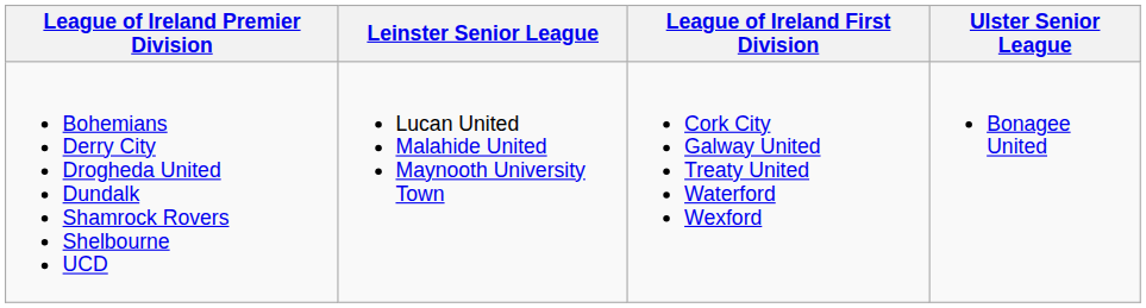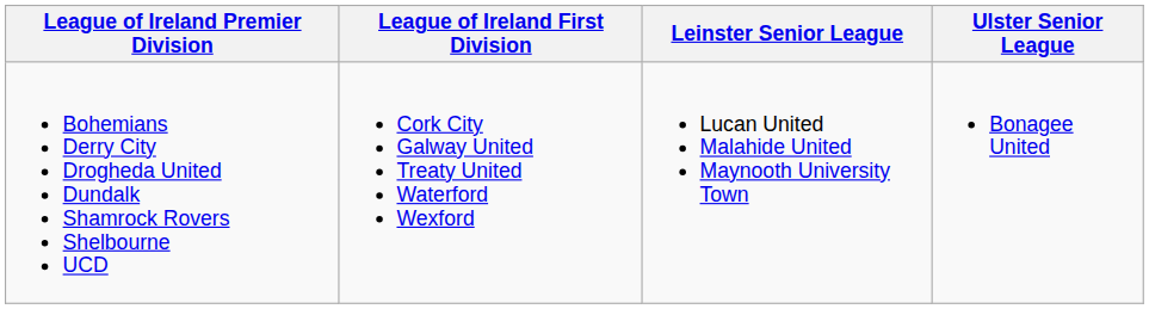 <table class="wikitable">
 <tr>
 <th><a href='#'>League of Ireland Premier Division</a></th>
+<th><a href='#'>League of Ireland First Division</a></th>
 <th><a href='#'>Leinster Senior League</a></th>
-<th><a href='#'>League of Ireland First Division</a></th>
 <th><a href='#'>Ulster Senior League</a></th>
 </tr>
 <tr>
 <td valign="top"><br><ul><li><a href='#'>Bohemians</a></li><li><a href='#'>Derry City</a></li><li><a href='#'>Drogheda United</a></li><li><a href='#'>Dundalk</a></li><li><a href='#'>Shamrock Rovers</a></li><li><a href='#'>Shelbourne</a></li><li><a href='#'>UCD</a></li></ul></td>
+<td valign="top"><br><ul><li><a href='#'>Cork City</a></li><li><a href='#'>Galway United</a></li><li><a href='#'>Treaty United</a></li><li><a href='#'>Waterford</a></li><li><a href='#'>Wexford</a></li></ul></td>
 <td valign="top"><br><ul><li>Lucan United</li><li><a href='#'>Malahide United</a></li><li><a href='#'>Maynooth University Town</a></li></ul></td>
-<td valign="top"><br><ul><li><a href='#'>Cork City</a></li><li><a href='#'>Galway United</a></li><li><a href='#'>Treaty United</a></li><li><a href='#'>Waterford</a></li><li><a href='#'>Wexford</a></li></ul></td>
 <td valign="top"><br><ul><li><a href='#'>Bonagee United</a></li></ul></td>
 </tr>
 </table>
